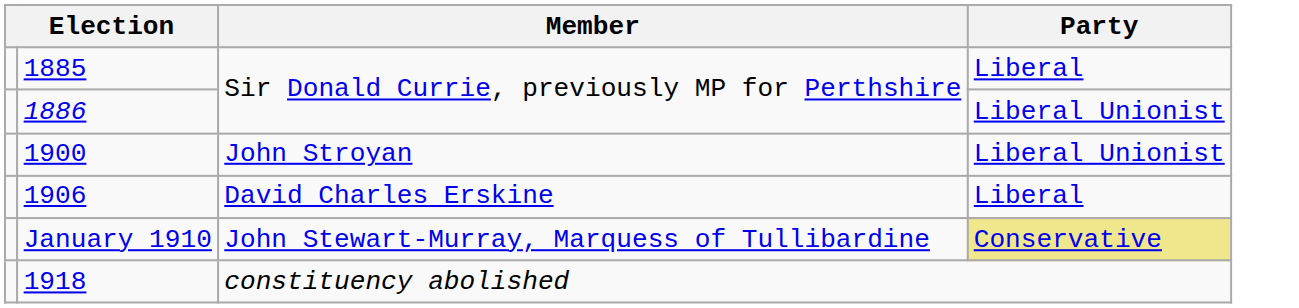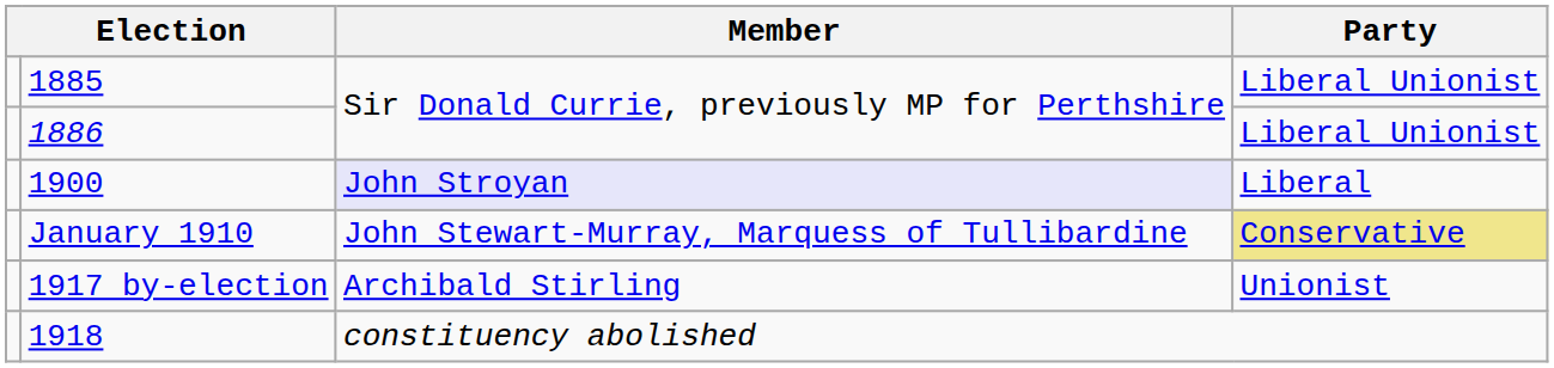 <table class="wikitable">
 <tr>
 <th colspan="2">Election</th>
 <th>Member </th>
 <th>Party</th>
 </tr>
 <tr>
 <td style="color:inherit;background-color: "></td>
 <td><a href='#'>1885</a></td>
 <td rowspan="2">Sir <a href='#'>Donald Currie</a>, previously MP for <a href='#'>Perthshire</a></td>
-<td><a href='#'>Liberal</a></td>
+<td><a href='#'>Liberal Unionist</a></td>
 </tr>
 <tr>
 <td style="color:inherit;background-color: "></td>
 <td><em><a href='#'>1886</a></em></td>
 <td><a href='#'>Liberal Unionist</a></td>
 </tr>
 <tr>
 <td style="color:inherit;background-color: "></td>
 <td><a href='#'>1900</a></td>
-<td><a href='#'>John Stroyan</a></td>
-<td><a href='#'>Liberal Unionist</a></td>
-</tr>
-<tr>
-<td style="color:inherit;background-color: "></td>
-<td><a href='#'>1906</a></td>
-<td><a href='#'>David Charles Erskine</a></td>
+<td style="background: lavender;"><a href='#'>John Stroyan</a></td>
 <td><a href='#'>Liberal</a></td>
 </tr>
 <tr>
 <td style="color:inherit;background-color: "></td>
 <td><a href='#'>January 1910</a></td>
 <td><a href='#'>John Stewart-Murray, Marquess of Tullibardine</a></td>
 <td style="background: khaki;"><a href='#'>Conservative</a></td>
 </tr>
 <tr>
+<td style="color:inherit;background-color: "></td>
+<td><a href='#'>1917 by-election</a></td>
+<td><a href='#'>Archibald Stirling</a></td>
+<td><a href='#'>Unionist</a></td>
+</tr>
+<tr>
 <td></td>
 <td><a href='#'>1918</a></td>
 <td colspan="2"><em>constituency abolished</em></td>
 </tr>
 </table>
